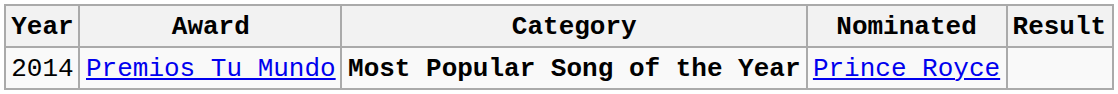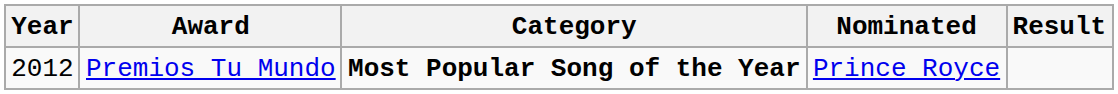 <table class="wikitable plainrowheaders" style="text-align:center;">
 <tr style="background:#96c;">
 <th scope="col">Year</th>
 <th scope="col">Award</th>
 <th scope="col">Category</th>
 <th scope="col">Nominated</th>
 <th scope="col">Result</th>
 </tr>
 <tr>
-<td>2014</td>
+<td>2012</td>
 <td><a href='#'>Premios Tu Mundo</a></td>
 <td><strong>Most Popular Song of the Year</strong></td>
 <td><a href='#'>Prince Royce</a></td>
 <td></td>
 </tr>
 <tr>
 </tr>
 </table>
